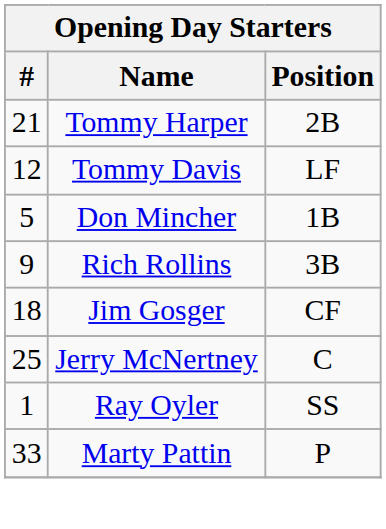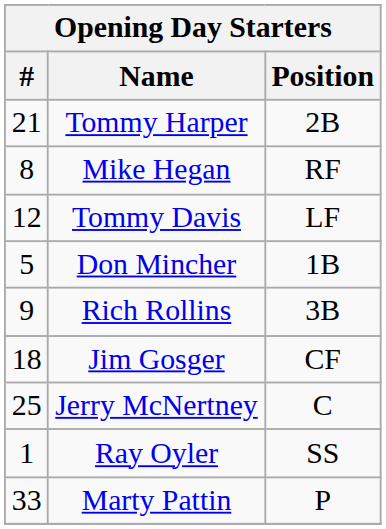 <table class="wikitable" style="text-align:center">
 <tr>
 <th colspan="3">Opening Day Starters</th>
 </tr>
 <tr>
 <th>#</th>
 <th>Name</th>
 <th>Position</th>
 </tr>
 <tr>
 <td>21</td>
 <td><a href='#'>Tommy Harper</a></td>
 <td>2B</td>
+</tr>
+<tr>
+<td>8</td>
+<td><a href='#'>Mike Hegan</a></td>
+<td>RF</td>
 </tr>
 <tr>
 <td>12</td>
 <td><a href='#'>Tommy Davis</a></td>
 <td>LF</td>
 </tr>
 <tr>
 <td>5</td>
 <td><a href='#'>Don Mincher</a></td>
 <td>1B</td>
 </tr>
 <tr>
 <td>9</td>
 <td><a href='#'>Rich Rollins</a></td>
 <td>3B</td>
 </tr>
 <tr>
 <td>18</td>
 <td><a href='#'>Jim Gosger</a></td>
 <td>CF</td>
 </tr>
 <tr>
 <td>25</td>
 <td><a href='#'>Jerry McNertney</a></td>
 <td>C</td>
 </tr>
 <tr>
 <td>1</td>
 <td><a href='#'>Ray Oyler</a></td>
 <td>SS</td>
 </tr>
 <tr>
 <td>33</td>
 <td><a href='#'>Marty Pattin</a></td>
 <td>P</td>
 </tr>
 <tr>
 </tr>
 </table>
